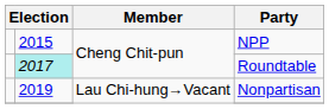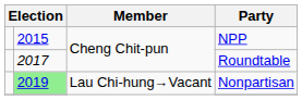 <table class="wikitable">
 <tr>
 <th colspan="2">Election</th>
 <th>Member</th>
 <th>Party</th>
 </tr>
 <tr>
 <td style="background-color:"></td>
 <td><a href='#'>2015</a></td>
 <td rowspan=2>Cheng Chit-pun</td>
 <td><a href='#'>NPP</a></td>
 </tr>
 <tr>
 <td style="background-color:"></td>
-<td style="background: paleturquoise;"><em>2017</em></td>
+<td><em>2017</em></td>
 <td><a href='#'>Roundtable</a></td>
 </tr>
 <tr>
 <td style="background-color:"></td>
-<td><a href='#'>2019</a></td>
+<td style="background: lightgreen;"><a href='#'>2019</a></td>
 <td rowspan=2>Lau Chi-hung→Vacant</td>
 <td><a href='#'>Nonpartisan</a></td>
 </tr>
 <tr>
 </tr>
 </table>
